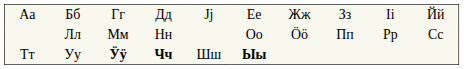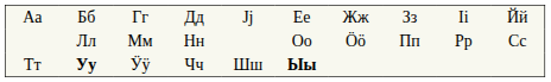 <table style="font-family:Arial Unicode MS; font-size:1.4em; border-color:#000000; border-width:1px; border-style:solid; border-collapse:collapse; text-align:right; background-color:#F8F8EF">
 <tr>
 <td style="width:3em; text-align:center; padding: 3px;">Аа</td>
 <td style="width:3em; text-align:center; padding: 3px;">Бб</td>
 <td style="width:3em; text-align:center; padding: 3px;">Гг</td>
 <td style="width:3em; text-align:center; padding: 3px;">Дд</td>
 <td style="width:3em; text-align:center; padding: 3px;">Jj</td>
 <td style="width:3em; text-align:center; padding: 3px;">Ее</td>
 <td style="width:3em; text-align:center; padding: 3px;">Жж</td>
 <td style="width:3em; text-align:center; padding: 3px;">Зз</td>
 <td style="width:3em; text-align:center; padding: 3px;">Ii</td>
 <td style="width:3em; text-align:center; padding: 3px;">Йй</td>
 </tr>
 <tr>
 <td style="width:3em; text-align:center; padding: 3px;"></td>
 <td style="width:3em; text-align:center; padding: 3px;">Лл</td>
 <td style="width:3em; text-align:center; padding: 3px;">Мм</td>
 <td style="width:3em; text-align:center; padding: 3px;">Нн</td>
 <td style="width:3em; text-align:center; padding: 3px;"></td>
 <td style="width:3em; text-align:center; padding: 3px;">Oo</td>
 <td style="width:3em; text-align:center; padding: 3px;">Ӧӧ</td>
 <td style="width:3em; text-align:center; padding: 3px;">Пп</td>
 <td style="width:3em; text-align:center; padding: 3px;">Рр</td>
 <td style="width:3em; text-align:center; padding: 3px;">Сс</td>
 </tr>
 <tr>
 <td style="width:3em; text-align:center; padding: 3px;">Тт</td>
-<td style="width:3em; text-align:center; padding: 3px;">Уу</td>
-<td style="width:3em; text-align:center; padding: 3px;"><strong>Ӱӱ</strong></td>
-<td style="width:3em; text-align:center; padding: 3px;"><strong>Чч</strong></td>
+<td style="width:3em; text-align:center; padding: 3px;"><strong>Уу</strong></td>
+<td style="width:3em; text-align:center; padding: 3px;">Ӱӱ</td>
+<td style="width:3em; text-align:center; padding: 3px;">Чч</td>
 <td style="width:3em; text-align:center; padding: 3px;">Шш</td>
 <td style="width:3em; text-align:center; padding: 3px;"><strong>Ыы</strong></td>
 <td colspan="4"></td>
 </tr>
 </table>
